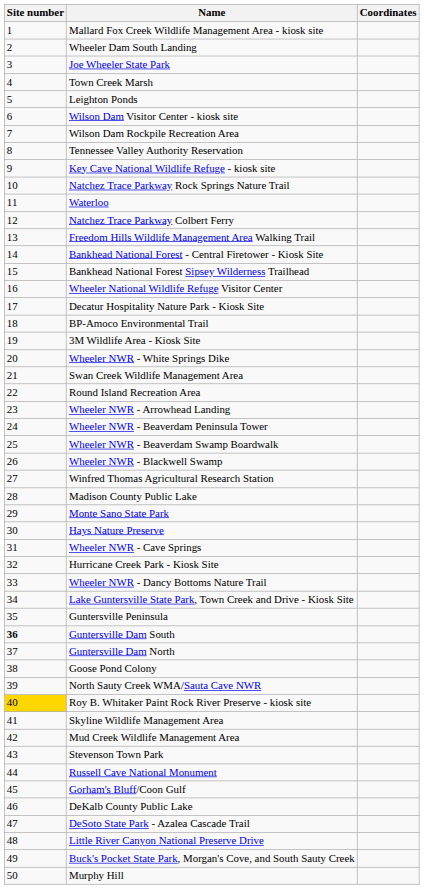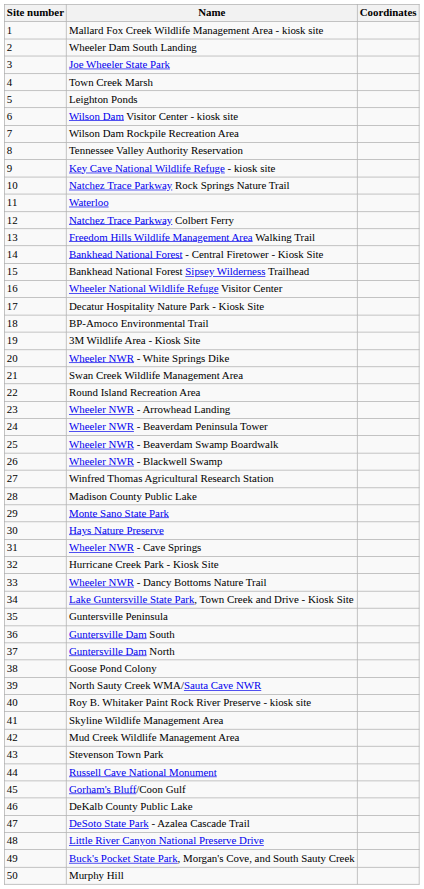 <table class="wikitable sortable">
 <tr>
 <th>Site number</th>
 <th>Name</th>
 <th>Coordinates</th>
 </tr>
 <tr>
 <td>1</td>
 <td>Mallard Fox Creek Wildlife Management Area - kiosk site</td>
 <td></td>
 </tr>
 <tr>
 <td>2</td>
 <td>Wheeler Dam South Landing</td>
 <td></td>
 </tr>
 <tr>
 <td>3</td>
 <td><a href='#'>Joe Wheeler State Park</a></td>
 <td></td>
 </tr>
 <tr>
 <td>4</td>
 <td>Town Creek Marsh</td>
 <td></td>
 </tr>
 <tr>
 <td>5</td>
 <td>Leighton Ponds</td>
 <td></td>
 </tr>
 <tr>
 <td>6</td>
 <td><a href='#'>Wilson Dam</a> Visitor Center - kiosk site</td>
 <td></td>
 </tr>
 <tr>
 <td>7</td>
 <td>Wilson Dam Rockpile Recreation Area</td>
 <td></td>
 </tr>
 <tr>
 <td>8</td>
 <td>Tennessee Valley Authority Reservation</td>
 <td></td>
 </tr>
 <tr>
 <td>9</td>
 <td><a href='#'>Key Cave National Wildlife Refuge</a> - kiosk site</td>
 <td></td>
 </tr>
 <tr>
 <td>10</td>
 <td><a href='#'>Natchez Trace Parkway</a> Rock Springs Nature Trail</td>
 <td></td>
 </tr>
 <tr>
 <td>11</td>
 <td><a href='#'>Waterloo</a></td>
 <td></td>
 </tr>
 <tr>
 <td>12</td>
 <td><a href='#'>Natchez Trace Parkway</a> Colbert Ferry</td>
 <td></td>
 </tr>
 <tr>
 <td>13</td>
 <td><a href='#'>Freedom Hills Wildlife Management Area</a> Walking Trail</td>
 <td></td>
 </tr>
 <tr>
 <td>14</td>
 <td><a href='#'>Bankhead National Forest</a> - Central Firetower - Kiosk Site</td>
 <td></td>
 </tr>
 <tr>
 <td>15</td>
 <td>Bankhead National Forest <a href='#'>Sipsey Wilderness</a> Trailhead</td>
 <td></td>
 </tr>
 <tr>
 <td>16</td>
 <td><a href='#'>Wheeler National Wildlife Refuge</a> Visitor Center</td>
 <td></td>
 </tr>
 <tr>
 <td>17</td>
 <td>Decatur Hospitality Nature Park - Kiosk Site</td>
 <td></td>
 </tr>
 <tr>
 <td>18</td>
 <td>BP-Amoco Environmental Trail</td>
 <td></td>
 </tr>
 <tr>
 <td>19</td>
 <td>3M Wildlife Area - Kiosk Site</td>
 <td></td>
 </tr>
 <tr>
 <td>20</td>
 <td><a href='#'>Wheeler NWR</a> - White Springs Dike</td>
 <td></td>
 </tr>
 <tr>
 <td>21</td>
 <td>Swan Creek Wildlife Management Area</td>
 <td></td>
 </tr>
 <tr>
 <td>22</td>
 <td>Round Island Recreation Area</td>
 <td></td>
 </tr>
 <tr>
 <td>23</td>
 <td><a href='#'>Wheeler NWR</a> - Arrowhead Landing</td>
 <td></td>
 </tr>
 <tr>
 <td>24</td>
 <td><a href='#'>Wheeler NWR</a> - Beaverdam Peninsula Tower</td>
 <td></td>
 </tr>
 <tr>
 <td>25</td>
 <td><a href='#'>Wheeler NWR</a> - Beaverdam Swamp Boardwalk</td>
 <td></td>
 </tr>
 <tr>
 <td>26</td>
 <td><a href='#'>Wheeler NWR</a> - Blackwell Swamp</td>
 <td></td>
 </tr>
 <tr>
 <td>27</td>
 <td>Winfred Thomas Agricultural Research Station</td>
 <td></td>
 </tr>
 <tr>
 <td>28</td>
 <td>Madison County Public Lake</td>
 <td></td>
 </tr>
 <tr>
 <td>29</td>
 <td><a href='#'>Monte Sano State Park</a></td>
 <td></td>
 </tr>
 <tr>
 <td>30</td>
 <td><a href='#'>Hays Nature Preserve</a></td>
 <td></td>
 </tr>
 <tr>
 <td>31</td>
 <td><a href='#'>Wheeler NWR</a> - Cave Springs</td>
 <td></td>
 </tr>
 <tr>
 <td>32</td>
 <td>Hurricane Creek Park - Kiosk Site</td>
 <td></td>
 </tr>
 <tr>
 <td>33</td>
 <td><a href='#'>Wheeler NWR</a> - Dancy Bottoms Nature Trail</td>
 <td></td>
 </tr>
 <tr>
 <td>34</td>
 <td><a href='#'>Lake Guntersville State Park</a>, Town Creek and Drive - Kiosk Site</td>
 <td></td>
 </tr>
 <tr>
 <td>35</td>
 <td>Guntersville Peninsula</td>
 <td></td>
 </tr>
 <tr>
-<td><strong>36</strong></td>
+<td>36</td>
 <td><a href='#'>Guntersville Dam</a> South</td>
 <td></td>
 </tr>
 <tr>
 <td>37</td>
 <td><a href='#'>Guntersville Dam</a> North</td>
 <td></td>
 </tr>
 <tr>
 <td>38</td>
 <td>Goose Pond Colony</td>
 <td></td>
 </tr>
 <tr>
 <td>39</td>
 <td>North Sauty Creek WMA/<a href='#'>Sauta Cave NWR</a></td>
 <td></td>
 </tr>
 <tr>
-<td style="background: gold;">40</td>
+<td>40</td>
 <td>Roy B. Whitaker Paint Rock River Preserve - kiosk site</td>
 <td></td>
 </tr>
 <tr>
 <td>41</td>
 <td>Skyline Wildlife Management Area</td>
 <td></td>
 </tr>
 <tr>
 <td>42</td>
 <td>Mud Creek Wildlife Management Area</td>
 <td></td>
 </tr>
 <tr>
 <td>43</td>
 <td>Stevenson Town Park</td>
 <td></td>
 </tr>
 <tr>
 <td>44</td>
 <td><a href='#'>Russell Cave National Monument</a></td>
 <td></td>
 </tr>
 <tr>
 <td>45</td>
 <td><a href='#'>Gorham's Bluff</a>/Coon Gulf</td>
 <td></td>
 </tr>
 <tr>
 <td>46</td>
 <td>DeKalb County Public Lake</td>
 <td></td>
 </tr>
 <tr>
 <td>47</td>
 <td><a href='#'>DeSoto State Park</a> - Azalea Cascade Trail</td>
 <td></td>
 </tr>
 <tr>
 <td>48</td>
 <td><a href='#'>Little River Canyon National Preserve Drive</a></td>
 <td></td>
 </tr>
 <tr>
 <td>49</td>
 <td><a href='#'>Buck's Pocket State Park</a>, Morgan's Cove, and South Sauty Creek</td>
 <td></td>
 </tr>
 <tr>
 <td>50</td>
 <td>Murphy Hill</td>
 <td></td>
 </tr>
 </table>
